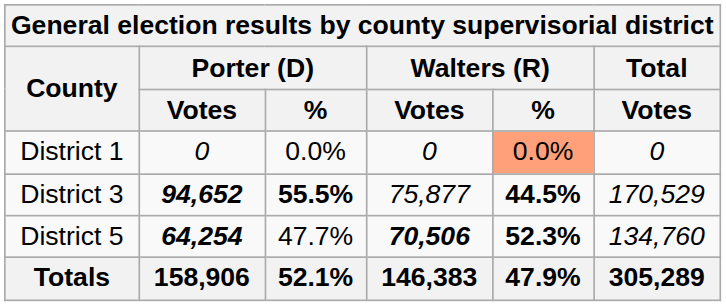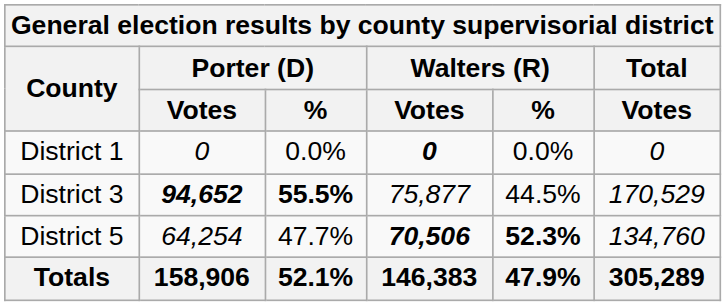 <table class="wikitable sortable" style="text-align:center">
 <tr>
 <th colspan=6>General election results by county supervisorial district</th>
 </tr>
 <tr>
 <th rowspan=2>County</th>
 <th colspan=2>Porter (D)</th>
 <th colspan=2>Walters (R)</th>
 <th>Total</th>
 </tr>
 <tr>
 <th>Votes</th>
 <th>%</th>
 <th>Votes</th>
 <th>%</th>
 <th data-sort-type=number>Votes</th>
 </tr>
 <tr>
 <td>District 1</td>
 <td><em>0</em></td>
 <td>0.0%</td>
-<td><em>0</em></td>
-<td style="background: lightsalmon;">0.0%</td>
+<td><strong><em>0</em></strong></td>
+<td>0.0%</td>
 <td><em>0</em></td>
 </tr>
 <tr style="background-color:">
 <td>District 3</td>
 <td><strong><em>94,652</em></strong></td>
 <td><strong>55.5%</strong></td>
 <td><em>75,877</em></td>
-<td><strong>44.5%</strong></td>
+<td>44.5%</td>
 <td><em>170,529</em></td>
 </tr>
 <tr style="background-color:">
 <td>District 5</td>
-<td><strong><em>64,254</em></strong></td>
+<td><em>64,254</em></td>
 <td>47.7%</td>
 <td><strong><em>70,506</em></strong></td>
 <td><strong>52.3%</strong></td>
 <td><em>134,760</em></td>
 </tr>
 <tr>
 <th>Totals</th>
 <th>158,906</th>
 <th>52.1%</th>
 <th>146,383</th>
 <th>47.9%</th>
 <th>305,289</th>
 </tr>
 </table>
